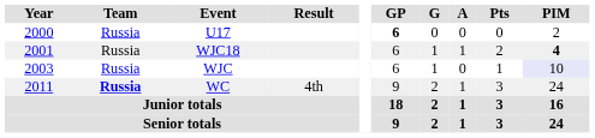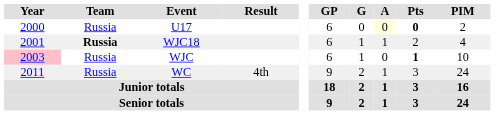 <table border="0" cellpadding="1" cellspacing="0" style="text-align:center; width:40em">
 <tr align="center" bgcolor="#e0e0e0">
 <th>Year</th>
 <th>Team</th>
 <th>Event</th>
 <th>Result</th>
 <th rowspan="100" bgcolor="#ffffff"> </th>
 <th>GP</th>
 <th>G</th>
 <th>A</th>
 <th>Pts</th>
 <th>PIM</th>
 </tr>
 <tr>
 <td><a href='#'>2000</a></td>
 <td><a href='#'>Russia</a></td>
 <td><a href='#'>U17</a></td>
 <td></td>
-<td><strong>6</strong></td>
+<td>6</td>
 <td>0</td>
-<td>0</td>
-<td>0</td>
+<td style="background: lightyellow;">0</td>
+<td><strong>0</strong></td>
 <td>2</td>
 </tr>
 <tr bgcolor="#f0f0f0">
 <td><a href='#'>2001</a></td>
-<td>Russia</td>
+<td><strong>Russia</strong></td>
 <td><a href='#'>WJC18</a></td>
 <td></td>
 <td>6</td>
 <td>1</td>
 <td>1</td>
 <td>2</td>
-<td><strong>4</strong></td>
+<td>4</td>
 </tr>
 <tr>
-<td><a href='#'>2003</a></td>
+<td style="background: pink;"><a href='#'>2003</a></td>
 <td><a href='#'>Russia</a></td>
 <td><a href='#'>WJC</a></td>
 <td></td>
 <td>6</td>
 <td>1</td>
 <td>0</td>
-<td>1</td>
-<td style="background: lavender;">10</td>
+<td><strong>1</strong></td>
+<td>10</td>
 </tr>
 <tr bgcolor="#f0f0f0">
 <td><a href='#'>2011</a></td>
-<td><strong><a href='#'>Russia</a></strong></td>
+<td><a href='#'>Russia</a></td>
 <td><a href='#'>WC</a></td>
 <td>4th</td>
 <td>9</td>
 <td>2</td>
 <td>1</td>
 <td>3</td>
 <td>24</td>
 </tr>
 <tr bgcolor="#e0e0e0">
 <th colspan="4">Junior totals</th>
 <th>18</th>
 <th>2</th>
 <th>1</th>
 <th>3</th>
 <th>16</th>
 </tr>
 <tr bgcolor="#e0e0e0">
 <th colspan="4">Senior totals</th>
 <th>9</th>
 <th>2</th>
 <th>1</th>
 <th>3</th>
 <th>24</th>
 </tr>
 </table>
